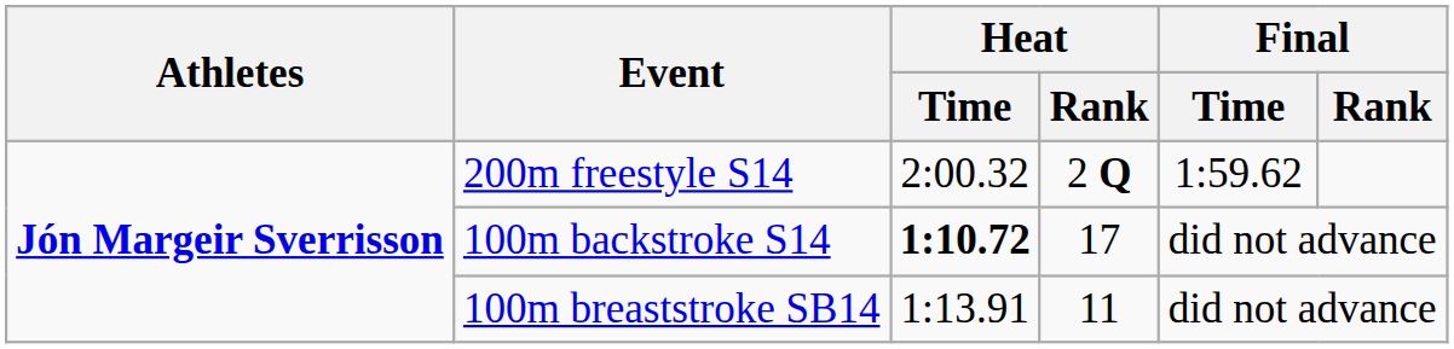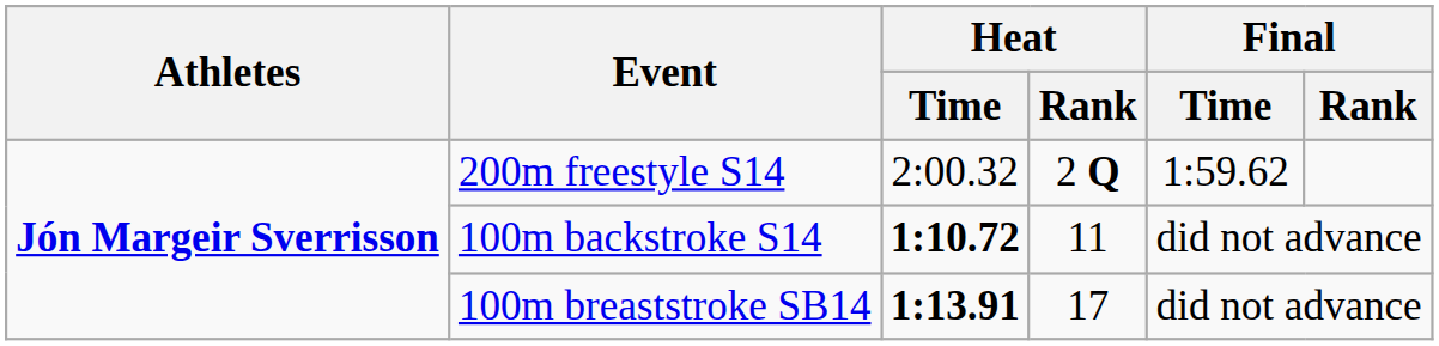 <table class=wikitable>
 <tr>
 <th rowspan="2">Athletes</th>
 <th rowspan="2">Event</th>
 <th colspan="2">Heat</th>
 <th colspan="2">Final</th>
 </tr>
 <tr>
 <th>Time</th>
 <th>Rank</th>
 <th>Time</th>
 <th>Rank</th>
 </tr>
 <tr align=center>
 <td align=left rowspan=3><strong><a href='#'>Jón Margeir Sverrisson</a></strong></td>
 <td align=left><a href='#'>200m freestyle S14</a></td>
 <td>2:00.32</td>
 <td>2 <strong>Q</strong></td>
 <td>1:59.62</td>
 <td></td>
 </tr>
 <tr align=center>
 <td align=left><a href='#'>100m backstroke S14</a></td>
 <td><strong>1:10.72</strong></td>
-<td>17</td>
+<td>11</td>
 <td colspan=2>did not advance</td>
 </tr>
 <tr align=center>
 <td align=left><a href='#'>100m breaststroke SB14</a></td>
-<td>1:13.91</td>
-<td>11</td>
+<td><strong>1:13.91</strong></td>
+<td>17</td>
 <td colspan=2>did not advance</td>
 </tr>
 </table>
